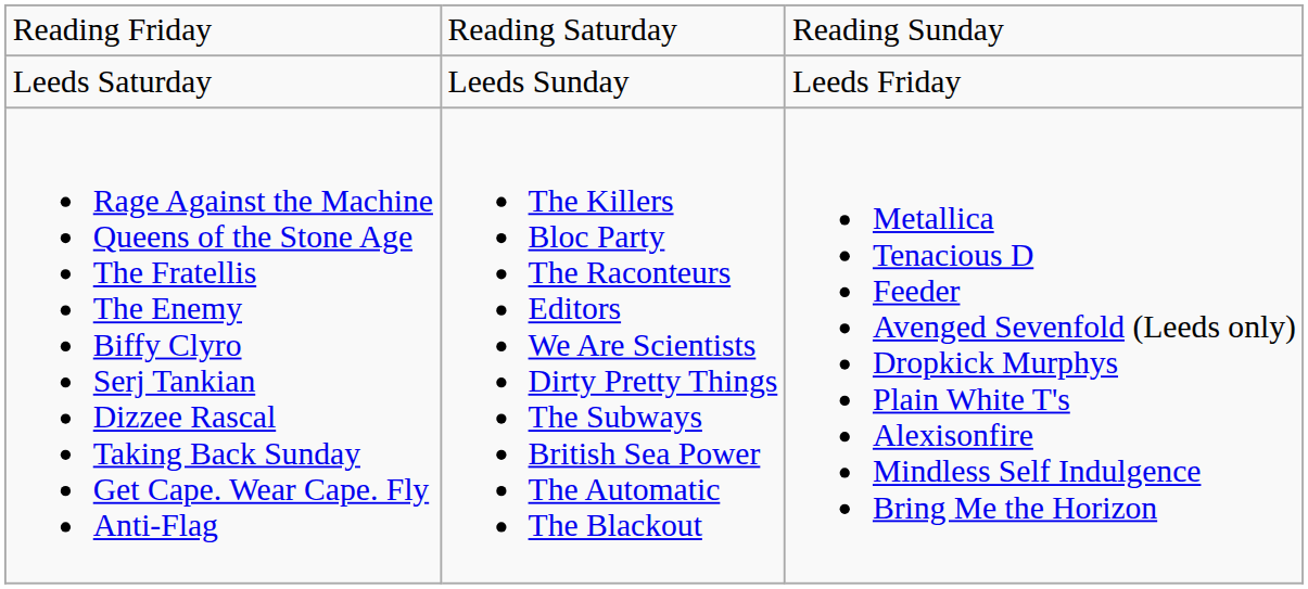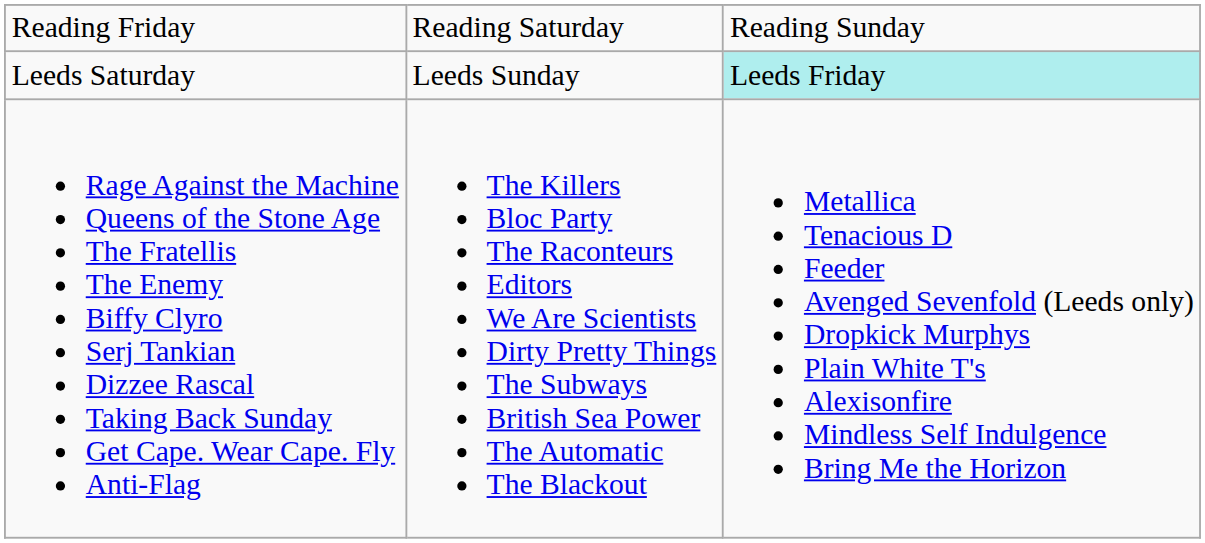 <table class="wikitable">
 <tr>
 <td>Reading Friday</td>
 <td>Reading Saturday</td>
 <td>Reading Sunday</td>
 </tr>
 <tr>
 <td>Leeds Saturday</td>
 <td>Leeds Sunday</td>
-<td>Leeds Friday</td>
+<td style="background: paleturquoise;">Leeds Friday</td>
 </tr>
 <tr>
 <td><br><ul><li><a href='#'>Rage Against the Machine</a></li><li><a href='#'>Queens of the Stone Age</a></li><li><a href='#'>The Fratellis</a></li><li><a href='#'>The Enemy</a></li><li><a href='#'>Biffy Clyro</a></li><li><a href='#'>Serj Tankian</a></li><li><a href='#'>Dizzee Rascal</a></li><li><a href='#'>Taking Back Sunday</a></li><li><a href='#'>Get Cape. Wear Cape. Fly</a></li><li><a href='#'>Anti-Flag</a></li></ul></td>
 <td><br><ul><li><a href='#'>The Killers</a></li><li><a href='#'>Bloc Party</a></li><li><a href='#'>The Raconteurs</a></li><li><a href='#'>Editors</a></li><li><a href='#'>We Are Scientists</a></li><li><a href='#'>Dirty Pretty Things</a></li><li><a href='#'>The Subways</a></li><li><a href='#'>British Sea Power</a></li><li><a href='#'>The Automatic</a></li><li><a href='#'>The Blackout</a></li></ul></td>
 <td><br><ul><li><a href='#'>Metallica</a></li><li><a href='#'>Tenacious D</a></li><li><a href='#'>Feeder</a></li><li><a href='#'>Avenged Sevenfold</a> (Leeds only)</li><li><a href='#'>Dropkick Murphys</a></li><li><a href='#'>Plain White T's</a></li><li><a href='#'>Alexisonfire</a></li><li><a href='#'>Mindless Self Indulgence</a></li><li><a href='#'>Bring Me the Horizon</a></li></ul></td>
 </tr>
 </table>
